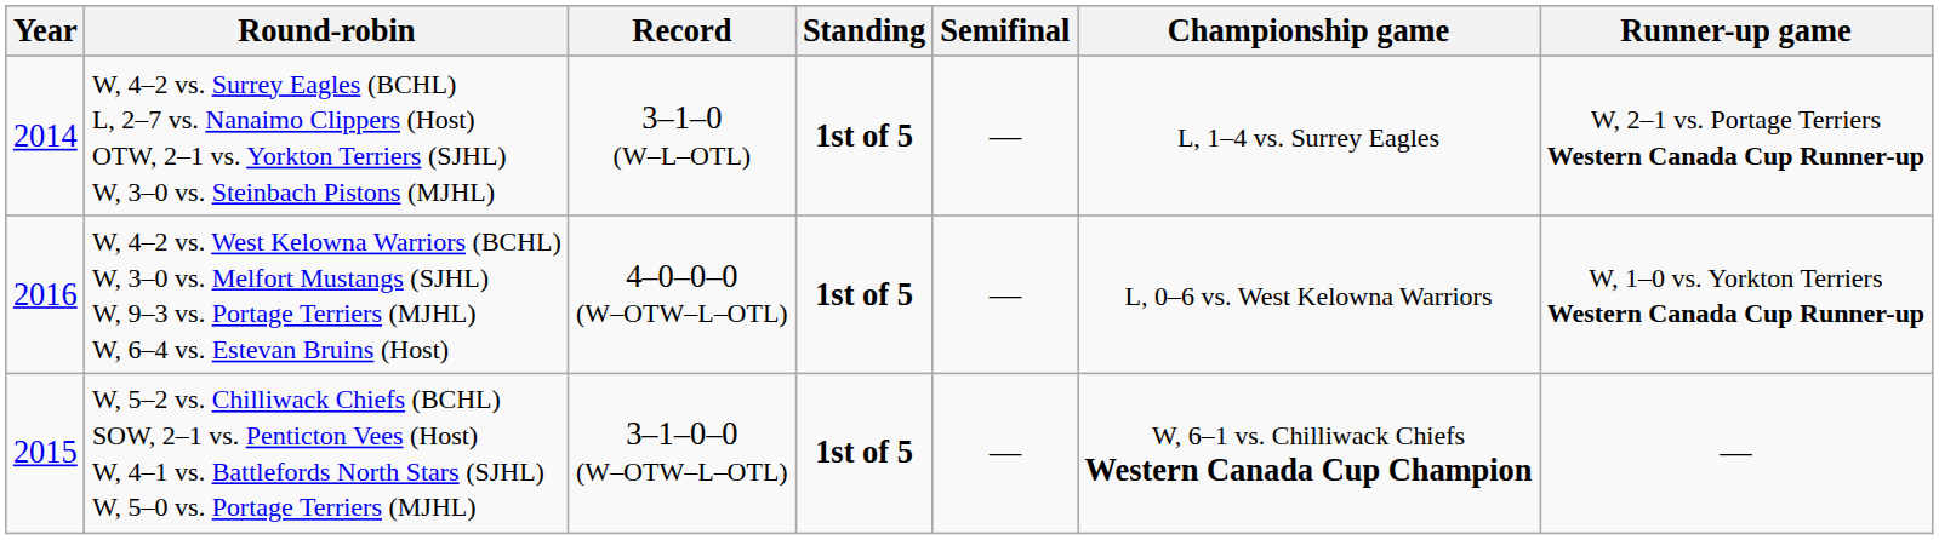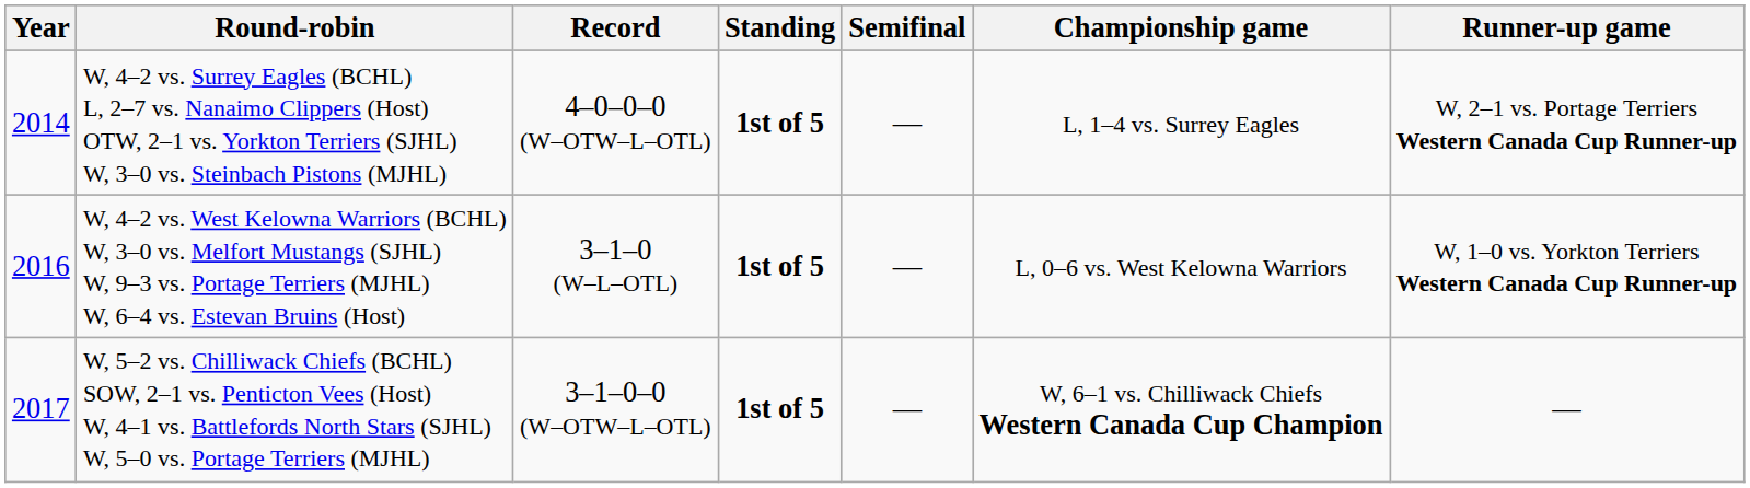 <table class="wikitable" style="text-align:center">
 <tr>
 <th>Year</th>
 <th>Round-robin</th>
 <th>Record</th>
 <th>Standing</th>
 <th>Semifinal</th>
 <th>Championship game</th>
 <th>Runner-up game</th>
 </tr>
 <tr>
 <td><a href='#'>2014</a></td>
 <td align=left><small>W, 4–2 vs. <a href='#'>Surrey Eagles</a> (BCHL)<br>L, 2–7 vs. <a href='#'>Nanaimo Clippers</a> (Host)<br>OTW, 2–1 vs. <a href='#'>Yorkton Terriers</a> (SJHL)<br>W, 3–0 vs. <a href='#'>Steinbach Pistons</a> (MJHL)</small></td>
-<td>3–1–0<br><small>(W–L–OTL)</small></td>
+<td>4–0–0–0<br><small>(W–OTW–L–OTL)</small></td>
 <td><strong>1st of 5</strong></td>
 <td>—</td>
 <td><small>L, 1–4 vs. Surrey Eagles</small></td>
 <td><small>W, 2–1 vs. Portage Terriers<br><strong>Western Canada Cup Runner-up</strong></small></td>
 </tr>
 <tr>
 <td><a href='#'>2016</a></td>
 <td align=left><small>W, 4–2 vs. <a href='#'>West Kelowna Warriors</a> (BCHL)<br>W, 3–0 vs. <a href='#'>Melfort Mustangs</a> (SJHL)<br>W, 9–3 vs. <a href='#'>Portage Terriers</a> (MJHL)<br>W, 6–4 vs. <a href='#'>Estevan Bruins</a> (Host)</small></td>
-<td>4–0–0–0<br><small>(W–OTW–L–OTL)</small></td>
+<td>3–1–0<br><small>(W–L–OTL)</small></td>
 <td><strong>1st of 5</strong></td>
 <td>—</td>
 <td><small>L, 0–6 vs. West Kelowna Warriors</small></td>
 <td><small>W, 1–0 vs. Yorkton Terriers<br><strong>Western Canada Cup Runner-up</strong></small></td>
 </tr>
 <tr align=center>
-<td><a href='#'>2015</a></td>
+<td><a href='#'>2017</a></td>
 <td align=left><small>W, 5–2 vs. <a href='#'>Chilliwack Chiefs</a> (BCHL)<br>SOW, 2–1 vs. <a href='#'>Penticton Vees</a> (Host)<br>W, 4–1 vs. <a href='#'>Battlefords North Stars</a> (SJHL)<br>W, 5–0 vs. <a href='#'>Portage Terriers</a> (MJHL)</small></td>
 <td>3–1–0–0<br><small>(W–OTW–L–OTL)</small></td>
 <td><strong>1st of 5</strong></td>
 <td>—</td>
 <td><small>W, 6–1 vs. Chilliwack Chiefs</small><br><strong>Western Canada Cup Champion</strong></td>
 <td>—</td>
 </tr>
 </table>
